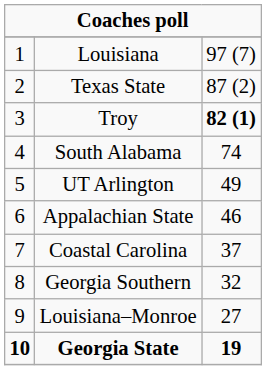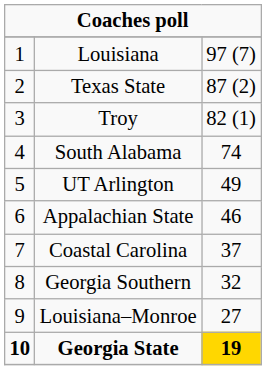 <table class="wikitable">
 <tr align="center">
 <td align="center" Colspan="3"><strong>Coaches poll</strong></td>
 </tr>
 <tr align="center">
 </tr>
 <tr align="center">
 <td>1</td>
 <td>Louisiana</td>
 <td>97 (7)</td>
 </tr>
 <tr align="center">
 <td>2</td>
 <td>Texas State</td>
 <td>87 (2)</td>
 </tr>
 <tr align="center">
 <td>3</td>
 <td>Troy</td>
-<td><strong>82 (1)</strong></td>
+<td>82 (1)</td>
 </tr>
 <tr align="center">
 <td>4</td>
 <td>South Alabama</td>
 <td>74</td>
 </tr>
 <tr align="center">
 <td>5</td>
 <td>UT Arlington</td>
 <td>49</td>
 </tr>
 <tr align="center">
 <td>6</td>
 <td>Appalachian State</td>
 <td>46</td>
 </tr>
 <tr align="center">
 <td>7</td>
 <td>Coastal Carolina</td>
 <td>37</td>
 </tr>
 <tr align="center">
 <td>8</td>
 <td>Georgia Southern</td>
 <td>32</td>
 </tr>
 <tr align="center">
 <td>9</td>
 <td>Louisiana–Monroe</td>
 <td>27</td>
 </tr>
 <tr align="center">
 <td><strong>10</strong></td>
 <td><strong>Georgia State</strong></td>
-<td><strong>19</strong></td>
+<td style="background: gold;"><strong>19</strong></td>
 </tr>
 <tr align="center">
 </tr>
 </table>
